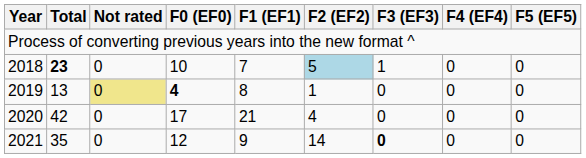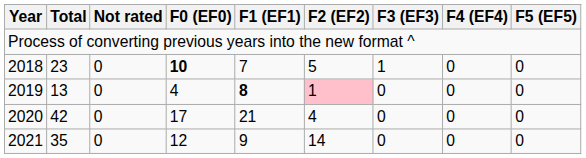 <table class="wikitable mw-collapsible">
 <tr>
 <th>Year</th>
 <th>Total</th>
 <th>Not rated</th>
 <th style="background-color:#">F0 (EF0)</th>
 <th style="background-color:#">F1 (EF1)</th>
 <th style="background-color:#">F2 (EF2)</th>
 <th style="background-color:#">F3 (EF3)</th>
 <th style="background-color:#">F4 (EF4)</th>
 <th style="background-color:#">F5 (EF5)</th>
 </tr>
 <tr>
 <td colspan="9">Process of converting previous years into the new format ^</td>
 </tr>
 <tr>
 <td>2018</td>
-<td><strong>23</strong></td>
+<td>23</td>
 <td>0</td>
-<td>10</td>
+<td><strong>10</strong></td>
 <td>7</td>
-<td style="background: lightblue;">5</td>
+<td>5</td>
 <td>1</td>
 <td>0</td>
 <td>0</td>
 </tr>
 <tr>
 <td>2019</td>
 <td>13</td>
-<td style="background: khaki;">0</td>
-<td><strong>4</strong></td>
-<td>8</td>
-<td>1</td>
+<td>0</td>
+<td>4</td>
+<td><strong>8</strong></td>
+<td style="background: pink;">1</td>
 <td>0</td>
 <td>0</td>
 <td>0</td>
 </tr>
 <tr>
 <td>2020</td>
 <td>42</td>
 <td>0</td>
 <td>17</td>
 <td>21</td>
 <td>4</td>
 <td>0</td>
 <td>0</td>
 <td>0</td>
 </tr>
 <tr>
 <td>2021</td>
 <td>35</td>
 <td>0</td>
 <td>12</td>
 <td>9</td>
 <td>14</td>
-<td><strong>0</strong></td>
+<td>0</td>
 <td>0</td>
 <td>0</td>
 </tr>
 </table>
